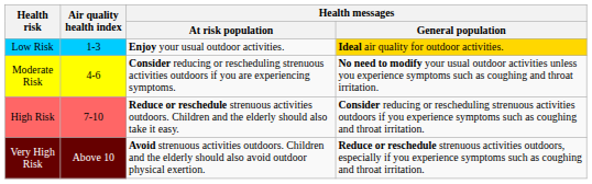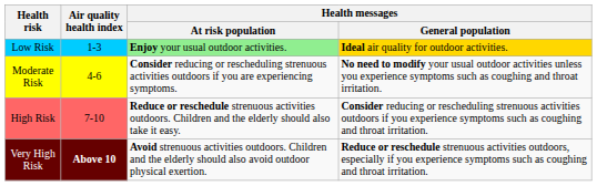 <table class="wikitable">
 <tr>
 <th rowspan="2">Health risk</th>
 <th rowspan="2">Air quality health index</th>
 <th colspan="2">Health messages</th>
 </tr>
 <tr>
 <th>At risk population</th>
 <th>General population</th>
 </tr>
 <tr>
 <td style="text-align:center; background:#00ccff;color:#000">Low Risk</td>
 <td style="text-align:center; background:#00ccff;color:#000">1-3</td>
-<td><strong>Enjoy</strong> your usual outdoor activities.</td>
+<td style="background: lightgreen;"><strong>Enjoy</strong> your usual outdoor activities.</td>
 <td style="background: gold;"><strong>Ideal</strong> air quality for outdoor activities.</td>
 </tr>
 <tr>
 <td style="text-align:center; background:#ffff00;color:#000">Moderate Risk</td>
 <td style="text-align:center; background:#ffff00;color:#000">4-6</td>
 <td><strong>Consider</strong> reducing or rescheduling strenuous activities outdoors if you are experiencing symptoms.</td>
 <td><strong>No need to modify</strong> your usual outdoor activities unless you experience symptoms such as coughing and throat irritation.</td>
 </tr>
 <tr>
 <td style="text-align:center; background:#ff6666;color:#000">High Risk</td>
 <td style="text-align:center; background:#ff6666;color:#000">7-10</td>
 <td><strong>Reduce or reschedule</strong> strenuous activities outdoors. Children and the elderly should also take it easy.</td>
 <td><strong>Consider</strong> reducing or rescheduling strenuous activities outdoors if you experience symptoms such as coughing and throat irritation.</td>
 </tr>
 <tr>
 <td style="text-align:center; background:#660000;color:#fff">Very High Risk</td>
-<td style="text-align:center; background:#660000;color:#fff">Above 10</td>
+<td style="text-align:center; background:#660000;color:#fff"><strong>Above 10</strong></td>
 <td><strong>Avoid</strong> strenuous activities outdoors. Children and the elderly should also avoid outdoor physical exertion.</td>
 <td><strong>Reduce or reschedule</strong> strenuous activities outdoors, especially if you experience symptoms such as coughing and throat irritation.</td>
 </tr>
 </table>
